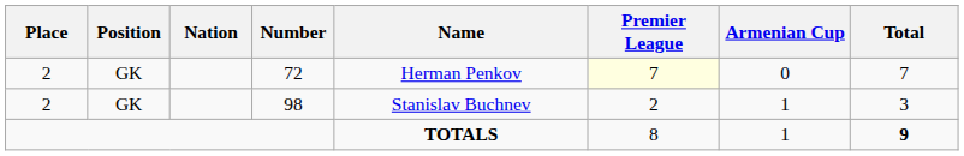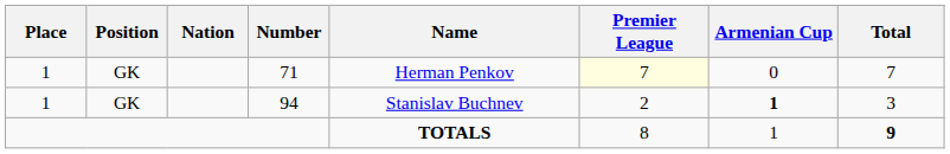 <table class="wikitable" style="font-size: 95%; text-align: center;">
 <tr>
 <th width=60>Place</th>
 <th width=60>Position</th>
 <th width=60>Nation</th>
 <th width=60>Number</th>
 <th width=200>Name</th>
 <th width=100><a href='#'>Premier League</a></th>
 <th width=100><a href='#'>Armenian Cup</a></th>
 <th width=80><strong>Total</strong></th>
 </tr>
 <tr>
-<td>2</td>
+<td>1</td>
 <td>GK</td>
 <td></td>
-<td>72</td>
+<td>71</td>
 <td><a href='#'>Herman Penkov</a></td>
 <td style="background: lightyellow;">7</td>
 <td>0</td>
 <td>7</td>
 </tr>
 <tr>
-<td>2</td>
+<td>1</td>
 <td>GK</td>
 <td></td>
-<td>98</td>
+<td>94</td>
 <td><a href='#'>Stanislav Buchnev</a></td>
 <td>2</td>
-<td>1</td>
+<td><strong>1</strong></td>
 <td>3</td>
 </tr>
 <tr>
 <td colspan="4"></td>
 <td><strong>TOTALS</strong></td>
 <td>8</td>
 <td>1</td>
 <td><strong>9</strong></td>
 </tr>
 </table>
